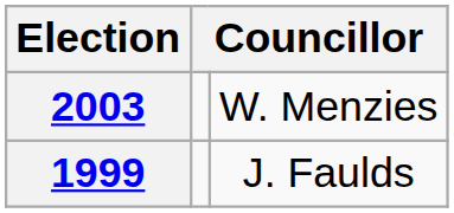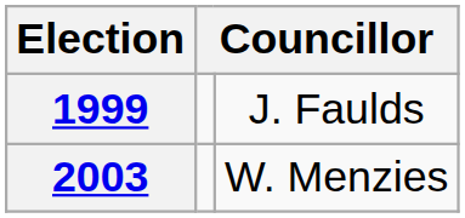 <table class="wikitable" style="text-align:center">
 <tr>
 <th>Election</th>
 <th colspan=2>Councillor</th>
 </tr>
 <tr>
+<th><a href='#'>1999</a></th>
+<td style="background-color: "></td>
+<td>J. Faulds</td>
+</tr>
+<tr>
 <th><a href='#'>2003</a></th>
 <td style="background-color: "></td>
 <td>W. Menzies</td>
 </tr>
-<tr>
-<th><a href='#'>1999</a></th>
-<td style="background-color: "></td>
-<td>J. Faulds</td>
-</tr>
 </table>
